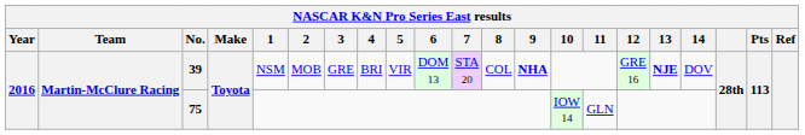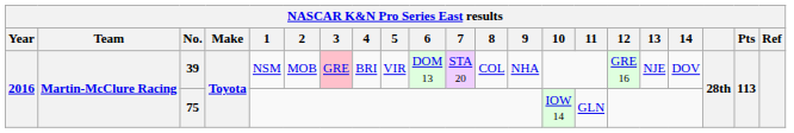 <table class="wikitable" style="text-align:center; font-size:75%">
 <tr>
 <th colspan=45><a href='#'>NASCAR K&N Pro Series East</a> results</th>
 </tr>
 <tr>
 <th>Year</th>
 <th>Team</th>
 <th>No.</th>
 <th>Make</th>
 <th>1</th>
 <th>2</th>
 <th>3</th>
 <th>4</th>
 <th>5</th>
 <th>6</th>
 <th>7</th>
 <th>8</th>
 <th>9</th>
 <th>10</th>
 <th>11</th>
 <th>12</th>
 <th>13</th>
 <th>14</th>
 <th></th>
 <th>Pts</th>
 <th>Ref</th>
 </tr>
 <tr>
 <th rowspan=2><a href='#'>2016</a></th>
 <th rowspan=2><a href='#'>Martin-McClure Racing</a></th>
 <th>39</th>
 <th rowspan=2><a href='#'>Toyota</a></th>
 <td><a href='#'>NSM</a></td>
 <td><a href='#'>MOB</a></td>
-<td><a href='#'>GRE</a></td>
+<td style="background: pink;"><a href='#'>GRE</a></td>
 <td><a href='#'>BRI</a></td>
 <td><a href='#'>VIR</a></td>
 <td style="background:#DFFFDF;"><a href='#'>DOM</a><br><small>13</small></td>
 <td style="background:#EFCFFF;"><a href='#'>STA</a><br><small>20</small></td>
 <td><a href='#'>COL</a></td>
-<td><strong><a href='#'>NHA</a></strong></td>
+<td><a href='#'>NHA</a></td>
 <td colspan=2></td>
 <td style="background:#DFFFDF;"><a href='#'>GRE</a><br><small>16</small></td>
-<td><strong><a href='#'>NJE</a></strong></td>
+<td><a href='#'>NJE</a></td>
 <td><a href='#'>DOV</a></td>
 <th rowspan=2>28th</th>
 <th rowspan=2>113</th>
 <th rowspan=2></th>
 </tr>
 <tr>
 <th>75</th>
 <td colspan=9></td>
 <td style="background:#DFFFDF;"><a href='#'>IOW</a><br><small>14</small></td>
 <td><a href='#'>GLN</a></td>
 <td colspan=3></td>
 </tr>
 </table>
